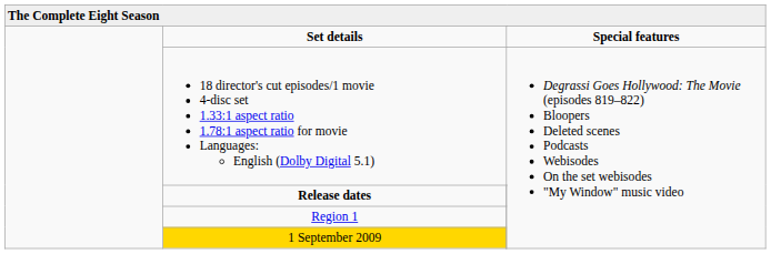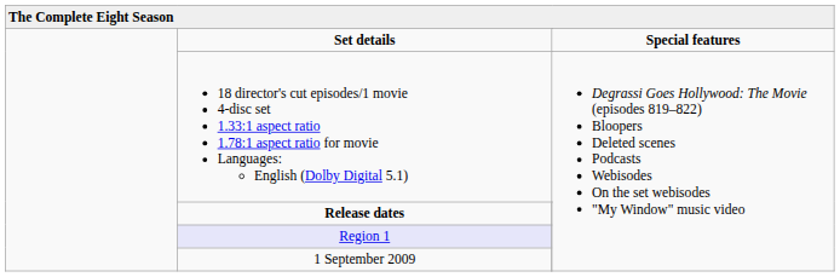 <table class="wikitable" style="font-size: 95%;">
 <tr style="background:#EFEFEF">
 <td colspan="5"><strong>The Complete Eight Season</strong></td>
 </tr>
 <tr valign="top">
 <td rowspan="5" style="text-align:center; width:180px;"></td>
 <td style="text-align:center; width:400px;" colspan="3"><strong>Set details</strong></td>
 <td style="width:300px; text-align:center;"><strong>Special features</strong></td>
 </tr>
 <tr valign="top">
 <td colspan="3" style="text-align:left; width:400px;"><br><ul><li>18 director's cut episodes/1 movie</li><li>4-disc set</li><li><a href='#'>1.33:1 aspect ratio</a></li><li><a href='#'>1.78:1 aspect ratio</a> for movie</li><li>Languages:<ul><li>English (<a href='#'>Dolby Digital</a> 5.1)</li></ul></li></ul></td>
 <td colspan="2" rowspan="4"  style="text-align:left; width:300px;"><br><ul><li><em>Degrassi Goes Hollywood: The Movie</em> (episodes 819–822)</li><li>Bloopers</li><li>Deleted scenes</li><li>Podcasts</li><li>Webisodes</li><li>On the set webisodes</li><li>"My Window" music video</li></ul></td>
 </tr>
 <tr>
 <td colspan="2" style="text-align:center;"><strong>Release dates</strong></td>
 </tr>
 <tr>
-<td style="text-align:center;"> <a href='#'>Region 1</a><br></td>
+<td style="background: lavender; text-align:center;"> <a href='#'>Region 1</a><br></td>
 </tr>
 <tr>
-<td style="background: gold; text-align:center;">1 September 2009<br></td>
+<td style="text-align:center;">1 September 2009<br></td>
 </tr>
 </table>
